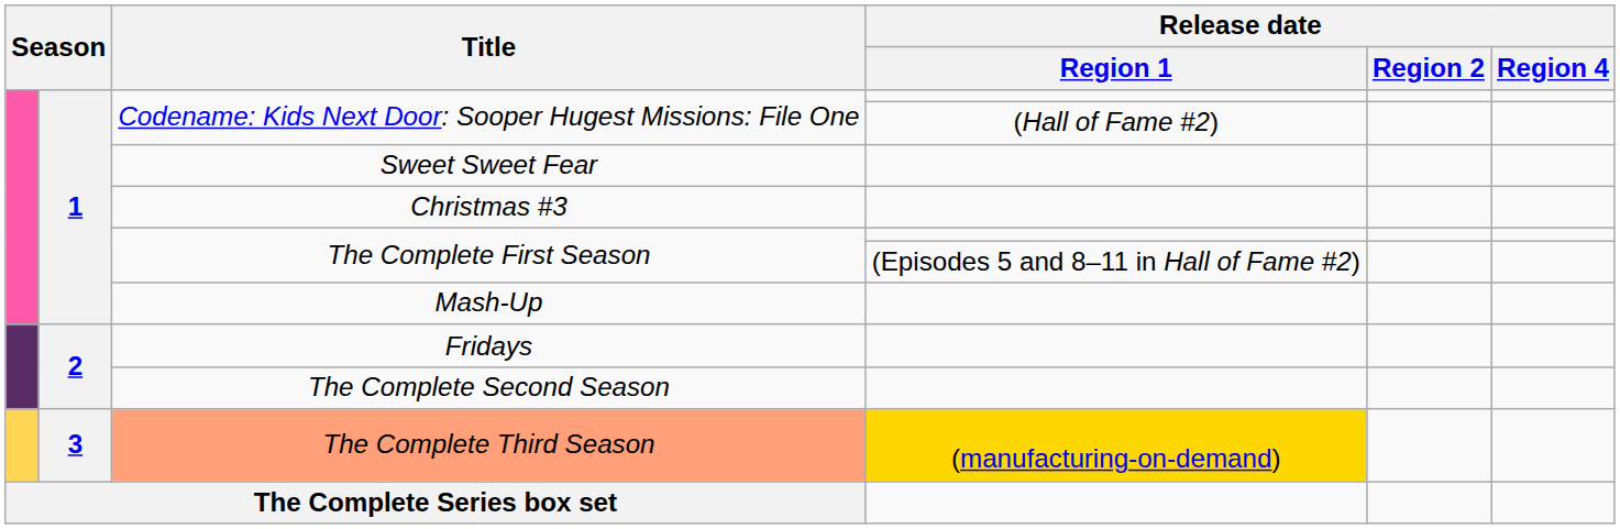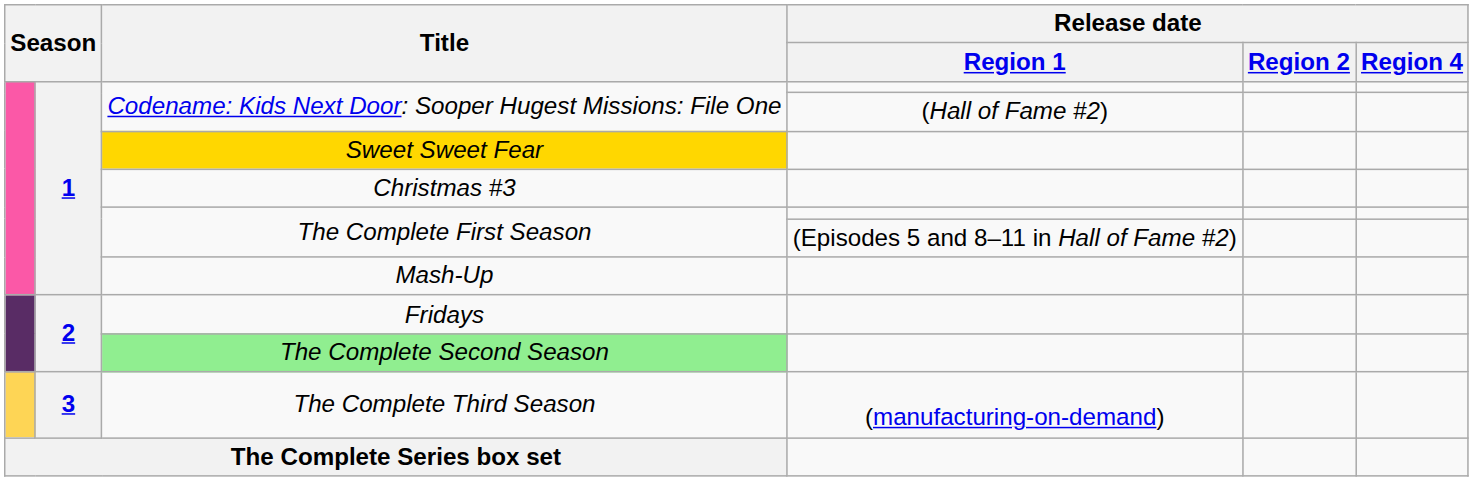 <table class="wikitable sortable" style="text-align: center">
 <tr>
 <th colspan=2 rowspan=2>Season</th>
 <th rowspan=2>Title</th>
 <th colspan=3>Release date</th>
 </tr>
 <tr>
 <th><a href='#'>Region 1</a></th>
 <th><a href='#'>Region 2</a></th>
 <th><a href='#'>Region 4</a></th>
 </tr>
 <tr>
 <th rowspan=7 style="background:#FB58A7"></th>
 <th rowspan=7><a href='#'>1</a></th>
 <td rowspan=2><em><a href='#'>Codename: Kids Next Door</a>: Sooper Hugest Missions: File One</em></td>
 <td></td>
 <td></td>
 <td></td>
 </tr>
 <tr>
 <td> (<em>Hall of Fame #2</em>)</td>
 <td></td>
 <td></td>
 </tr>
 <tr>
-<td><em>Sweet Sweet Fear</em></td>
+<td style="background: gold;"><em>Sweet Sweet Fear</em></td>
 <td></td>
 <td></td>
 <td></td>
 </tr>
 <tr>
 <td><em>Christmas #3</em></td>
 <td></td>
 <td></td>
 <td></td>
 </tr>
 <tr>
 <td rowspan=2><em>The Complete First Season</em></td>
 <td></td>
 <td></td>
 <td></td>
 </tr>
 <tr>
 <td> (Episodes 5 and 8–11 in <em>Hall of Fame #2</em>)</td>
 <td></td>
 <td></td>
 </tr>
 <tr>
 <td><em>Mash-Up</em></td>
 <td></td>
 <td></td>
 <td></td>
 </tr>
 <tr>
 <th rowspan=2 style="background:#592C65"></th>
 <th rowspan=2><a href='#'>2</a></th>
 <td><em>Fridays</em></td>
 <td></td>
 <td></td>
 <td></td>
 </tr>
 <tr>
-<td><em>The Complete Second Season</em></td>
+<td style="background: lightgreen;"><em>The Complete Second Season</em></td>
 <td></td>
 <td></td>
 <td></td>
 </tr>
 <tr>
 <th style="background:#FED555"></th>
 <th><a href='#'>3</a></th>
-<td style="background: lightsalmon;"><em>The Complete Third Season</em></td>
-<td style="background: gold;"><br>(<a href='#'>manufacturing-on-demand</a>)</td>
+<td><em>The Complete Third Season</em></td>
+<td><br>(<a href='#'>manufacturing-on-demand</a>)</td>
 <td></td>
 <td></td>
 </tr>
 <tr>
 <th colspan=3>The Complete Series box set</th>
 <td></td>
 <td></td>
 <td></td>
 </tr>
 </table>
